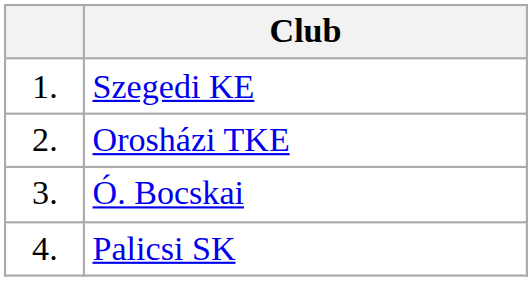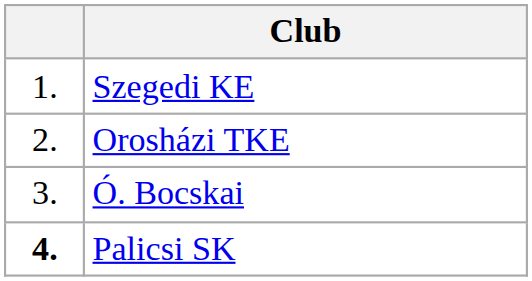 <table class="wikitable">
 <tr>
 <th width="30"></th>
 <th width="200">Club</th>
 </tr>
 <tr bgcolor="#FFFFFF" align="center">
 <td>1.</td>
 <td align="left"><a href='#'>Szegedi KE</a></td>
 </tr>
 <tr bgcolor="#FFFFFF" align="center">
 <td>2.</td>
 <td align="left"><a href='#'>Orosházi TKE</a></td>
 </tr>
 <tr bgcolor="#FFFFFF" align="center">
 <td>3.</td>
 <td align="left"><a href='#'>Ó. Bocskai</a></td>
 </tr>
 <tr bgcolor="#FFFFFF" align="center">
-<td>4.</td>
+<td><strong>4.</strong></td>
 <td align="left"><a href='#'>Palicsi SK</a></td>
 </tr>
 </table>
